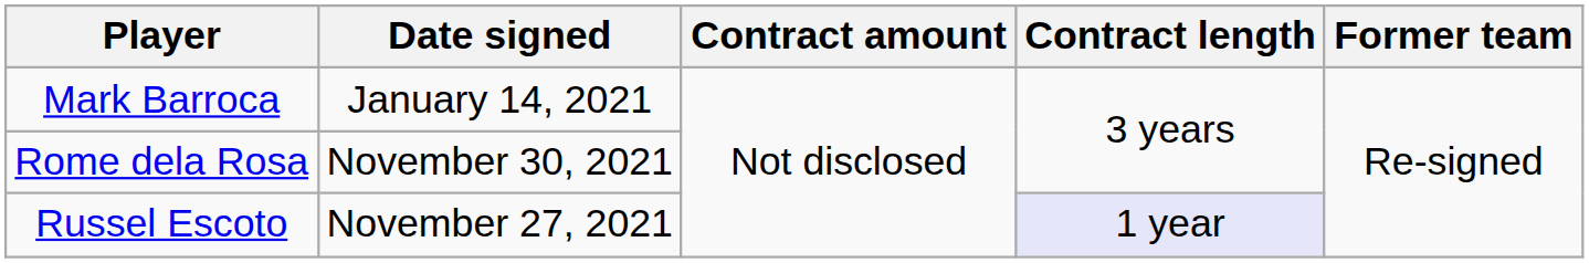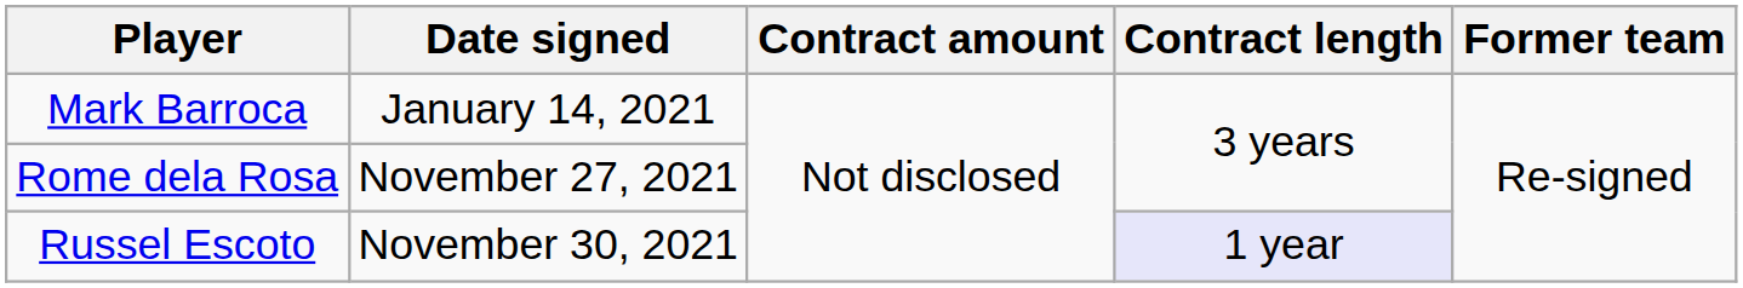 <table class="wikitable sortable sortable">
 <tr>
 <th>Player</th>
 <th>Date signed</th>
 <th>Contract amount</th>
 <th>Contract length</th>
 <th>Former team</th>
 </tr>
 <tr>
 <td align=center><a href='#'>Mark Barroca</a></td>
 <td align=center>January 14, 2021</td>
 <td align=center rowspan=3>Not disclosed</td>
 <td align=center rowspan=2>3 years</td>
 <td align=center rowspan=3>Re-signed</td>
 </tr>
 <tr>
 <td align=center><a href='#'>Rome dela Rosa</a></td>
-<td align=center>November 30, 2021</td>
+<td align=center>November 27, 2021</td>
 </tr>
 <tr>
 <td align=center><a href='#'>Russel Escoto</a></td>
-<td align=center>November 27, 2021</td>
+<td align=center>November 30, 2021</td>
 <td align=center style="background: lavender;">1 year</td>
 </tr>
 </table>
